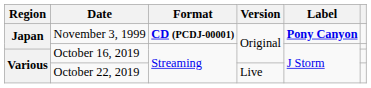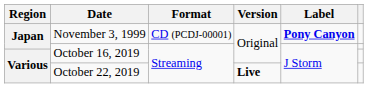 <table class="wikitable plainrowheaders">
 <tr>
 <th>Region</th>
 <th>Date</th>
 <th>Format</th>
 <th>Version</th>
 <th>Label</th>
 <th></th>
 </tr>
 <tr>
 <th scope="row" rowspan="2">Japan</th>
 <td>November 3, 1999</td>
-<td><strong><a href='#'>CD</a> <small>(PCDJ-00001)</small></strong></td>
+<td><a href='#'>CD</a> <small>(PCDJ-00001)</small></td>
 <td rowspan="3">Original</td>
 <td><strong><a href='#'>Pony Canyon</a></strong></td>
 <td></td>
 </tr>
 <tr>
 <td rowspan="2">October 16, 2019</td>
 <td rowspan="3"><a href='#'>Streaming</a></td>
 <td rowspan="3"><a href='#'>J Storm</a></td>
 <td></td>
 </tr>
 <tr>
 <th scope="row" rowspan="2">Various</th>
 <td></td>
 </tr>
 <tr>
 <td>October 22, 2019</td>
-<td>Live</td>
+<td><strong>Live</strong></td>
 <td></td>
 </tr>
 </table>
